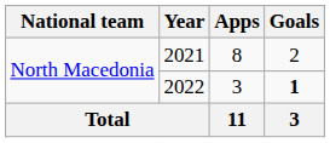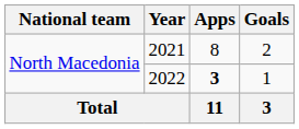 <table class=wikitable style=text-align:center>
 <tr>
 <th>National team</th>
 <th>Year</th>
 <th>Apps</th>
 <th>Goals</th>
 </tr>
 <tr>
 <td rowspan=2><a href='#'>North Macedonia</a></td>
 <td>2021</td>
 <td>8</td>
 <td>2</td>
 </tr>
 <tr>
 <td>2022</td>
-<td>3</td>
-<td><strong>1</strong></td>
+<td><strong>3</strong></td>
+<td>1</td>
 </tr>
 <tr>
 <th colspan=2>Total</th>
 <th>11</th>
 <th>3</th>
 </tr>
 </table>
